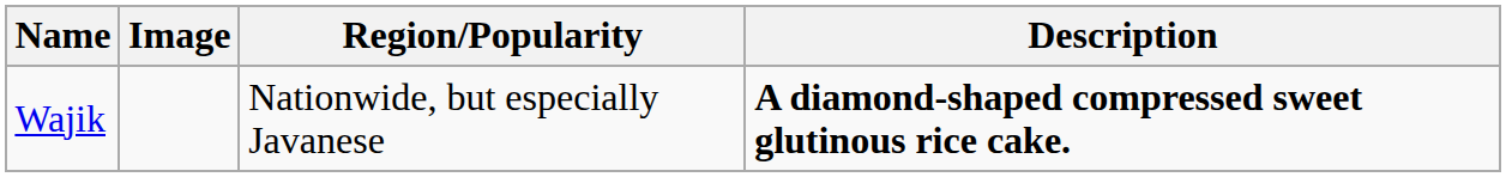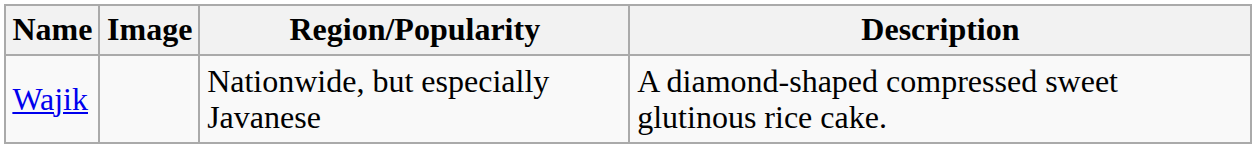 <table class="wikitable sortable" width="100%">
 <tr>
 <th>Name</th>
 <th>Image</th>
 <th>Region/Popularity</th>
 <th>Description</th>
 </tr>
 <tr>
 <td><a href='#'>Wajik</a></td>
 <td></td>
 <td>Nationwide, but especially Javanese</td>
-<td><strong>A diamond-shaped compressed sweet glutinous rice cake.</strong></td>
+<td>A diamond-shaped compressed sweet glutinous rice cake.</td>
 </tr>
 <tr>
 </tr>
 </table>
